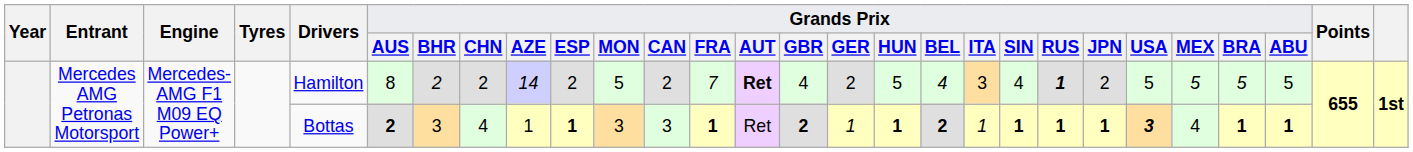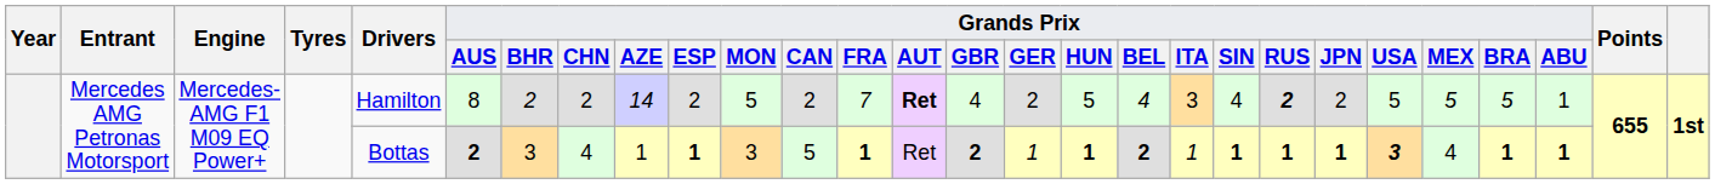 <table class="wikitable" style="text-align:center; font-size:90%">
 <tr>
 <th rowspan="2">Year</th>
 <th rowspan="2">Entrant</th>
 <th rowspan="2">Engine</th>
 <th rowspan="2">Tyres</th>
 <th rowspan="2">Drivers</th>
 <td colspan="21" style="background:#eaecf0; text-align:center;"><strong>Grands Prix</strong></td>
 <th rowspan="2">Points</th>
 <th rowspan="2"></th>
 </tr>
 <tr>
 <th><a href='#'>AUS</a></th>
 <th><a href='#'>BHR</a></th>
 <th><a href='#'>CHN</a></th>
 <th><a href='#'>AZE</a></th>
 <th><a href='#'>ESP</a></th>
 <th><a href='#'>MON</a></th>
 <th><a href='#'>CAN</a></th>
 <th><a href='#'>FRA</a></th>
 <th><a href='#'>AUT</a></th>
 <th><a href='#'>GBR</a></th>
 <th><a href='#'>GER</a></th>
 <th><a href='#'>HUN</a></th>
 <th><a href='#'>BEL</a></th>
 <th><a href='#'>ITA</a></th>
 <th><a href='#'>SIN</a></th>
 <th><a href='#'>RUS</a></th>
 <th><a href='#'>JPN</a></th>
 <th><a href='#'>USA</a></th>
 <th><a href='#'>MEX</a></th>
 <th><a href='#'>BRA</a></th>
 <th><a href='#'>ABU</a></th>
 </tr>
 <tr>
 <th rowspan="2"></th>
 <td rowspan="2"><a href='#'>Mercedes AMG Petronas Motorsport</a></td>
 <td rowspan="2"><a href='#'>Mercedes-AMG F1 M09 EQ Power+</a></td>
 <td rowspan="2"></td>
 <td><a href='#'>Hamilton</a></td>
 <td style="background-color:#dfffdf">8</td>
 <td style="background-color:#dfdfdf"><em>2</em></td>
 <td style="background-color:#dfdfdf">2</td>
 <td style="background-color:#cfcfff"><em>14</em></td>
 <td style="background-color:#dfdfdf">2</td>
 <td style="background-color:#dfffdf">5</td>
 <td style="background-color:#dfdfdf">2</td>
 <td style="background-color:#dfffdf"><em>7</em></td>
 <td style="background-color:#efcfff"><strong>Ret</strong></td>
 <td style="background-color:#dfffdf">4</td>
 <td style="background-color:#dfdfdf">2</td>
 <td style="background-color:#dfffdf">5</td>
 <td style="background-color:#dfffdf"><em>4</em></td>
 <td style="background-color:#ffdf9f">3</td>
 <td style="background-color:#dfffdf">4</td>
-<td style="background-color:#dfdfdf"><strong><em>1</em></strong></td>
+<td style="background-color:#dfdfdf"><strong><em>2</em></strong></td>
 <td style="background-color:#dfdfdf">2</td>
 <td style="background-color:#dfffdf">5</td>
 <td style="background-color:#dfffdf"><em>5</em></td>
 <td style="background-color:#dfffdf"><em>5</em></td>
-<td style="background-color:#dfffdf">5</td>
+<td style="background-color:#dfffdf">1</td>
 <td rowspan="2" style="background-color:#ffffbf"><strong>655</strong></td>
 <td rowspan="2" style="background-color:#ffffbf"><strong>1st</strong></td>
 </tr>
 <tr>
 <td><a href='#'>Bottas</a></td>
 <td style="background-color:#dfdfdf"><strong>2</strong></td>
 <td style="background-color:#ffdf9f">3</td>
 <td style="background-color:#dfffdf">4</td>
 <td style="background-color:#ffffbf">1</td>
 <td style="background-color:#ffffbf"><strong>1</strong></td>
 <td style="background-color:#ffdf9f">3</td>
-<td style="background-color:#dfffdf">3</td>
+<td style="background-color:#dfffdf">5</td>
 <td style="background-color:#ffffbf"><strong>1</strong></td>
 <td style="background-color:#efcfff">Ret</td>
 <td style="background-color:#dfdfdf"><strong>2</strong></td>
 <td style="background-color:#ffffbf"><em>1</em></td>
 <td style="background-color:#ffffbf"><strong>1</strong></td>
 <td style="background-color:#dfdfdf"><strong>2</strong></td>
 <td style="background-color:#ffffbf"><em>1</em></td>
 <td style="background-color:#ffffbf"><strong>1</strong></td>
 <td style="background-color:#ffffbf"><strong>1</strong></td>
 <td style="background-color:#ffffbf"><strong>1</strong></td>
 <td style="background-color:#ffdf9f"><strong><em>3</em></strong></td>
 <td style="background-color:#dfffdf">4</td>
 <td style="background-color:#ffffbf"><strong>1</strong></td>
 <td style="background-color:#ffffbf"><strong>1</strong></td>
 </tr>
 </table>
